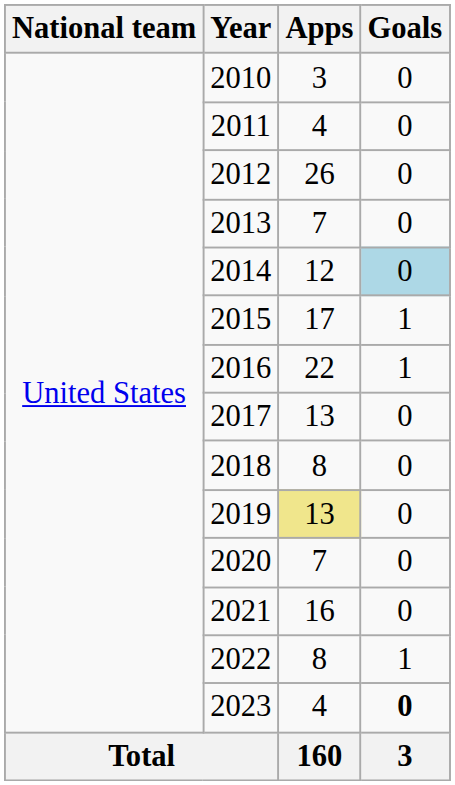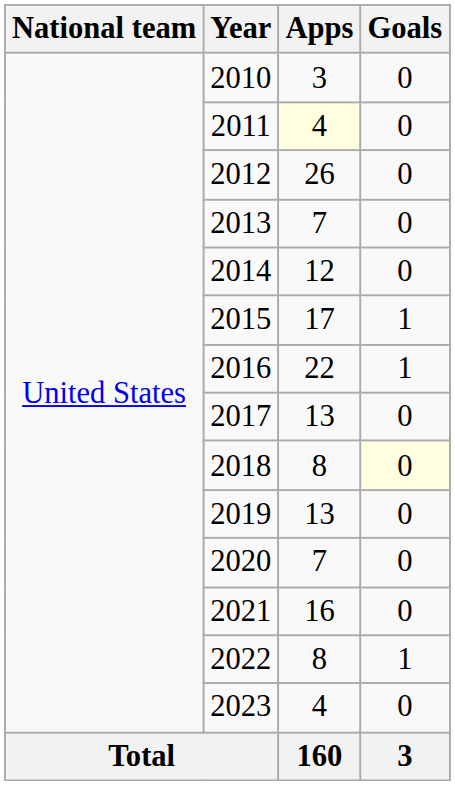 <table class="wikitable" style="text-align:center">
 <tr>
 <th>National team</th>
 <th>Year</th>
 <th>Apps</th>
 <th>Goals</th>
 </tr>
 <tr>
 <td rowspan="14"><a href='#'>United States</a></td>
 <td>2010</td>
 <td>3</td>
 <td>0</td>
 </tr>
 <tr>
 <td>2011</td>
-<td>4</td>
+<td style="background: lightyellow;">4</td>
 <td>0</td>
 </tr>
 <tr>
 <td>2012</td>
 <td>26</td>
 <td>0</td>
 </tr>
 <tr>
 <td>2013</td>
 <td>7</td>
 <td>0</td>
 </tr>
 <tr>
 <td>2014</td>
 <td>12</td>
-<td style="background: lightblue;">0</td>
+<td>0</td>
 </tr>
 <tr>
 <td>2015</td>
 <td>17</td>
 <td>1</td>
 </tr>
 <tr>
 <td>2016</td>
 <td>22</td>
 <td>1</td>
 </tr>
 <tr>
 <td>2017</td>
 <td>13</td>
 <td>0</td>
 </tr>
 <tr>
 <td>2018</td>
 <td>8</td>
-<td>0</td>
+<td style="background: lightyellow;">0</td>
 </tr>
 <tr>
 <td>2019</td>
-<td style="background: khaki;">13</td>
+<td>13</td>
 <td>0</td>
 </tr>
 <tr>
 <td>2020</td>
 <td>7</td>
 <td>0</td>
 </tr>
 <tr>
 <td>2021</td>
 <td>16</td>
 <td>0</td>
 </tr>
 <tr>
 <td>2022</td>
 <td>8</td>
 <td>1</td>
 </tr>
 <tr>
 <td>2023</td>
 <td>4</td>
-<td><strong>0</strong></td>
+<td>0</td>
 </tr>
 <tr>
 <th colspan="2">Total</th>
 <th>160</th>
 <th>3</th>
 </tr>
 </table>
